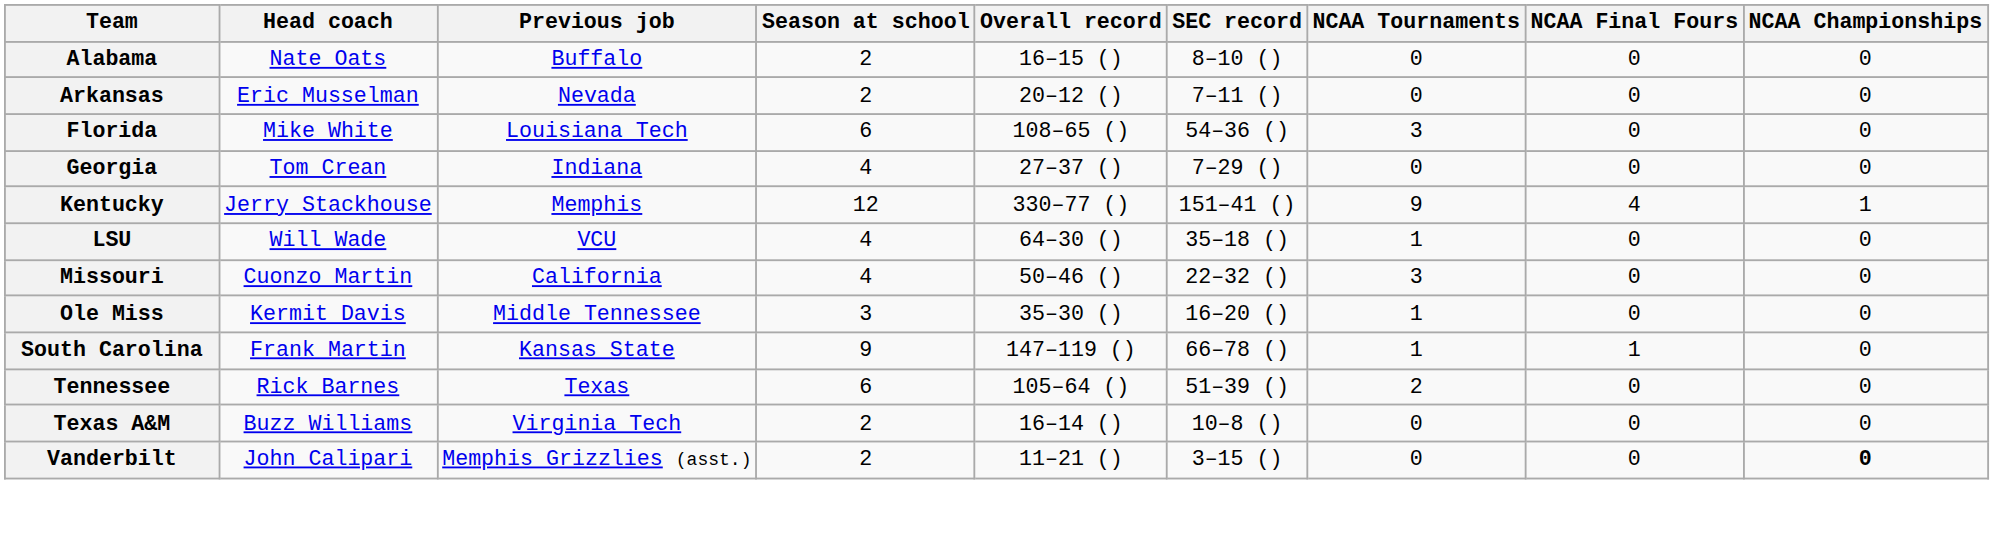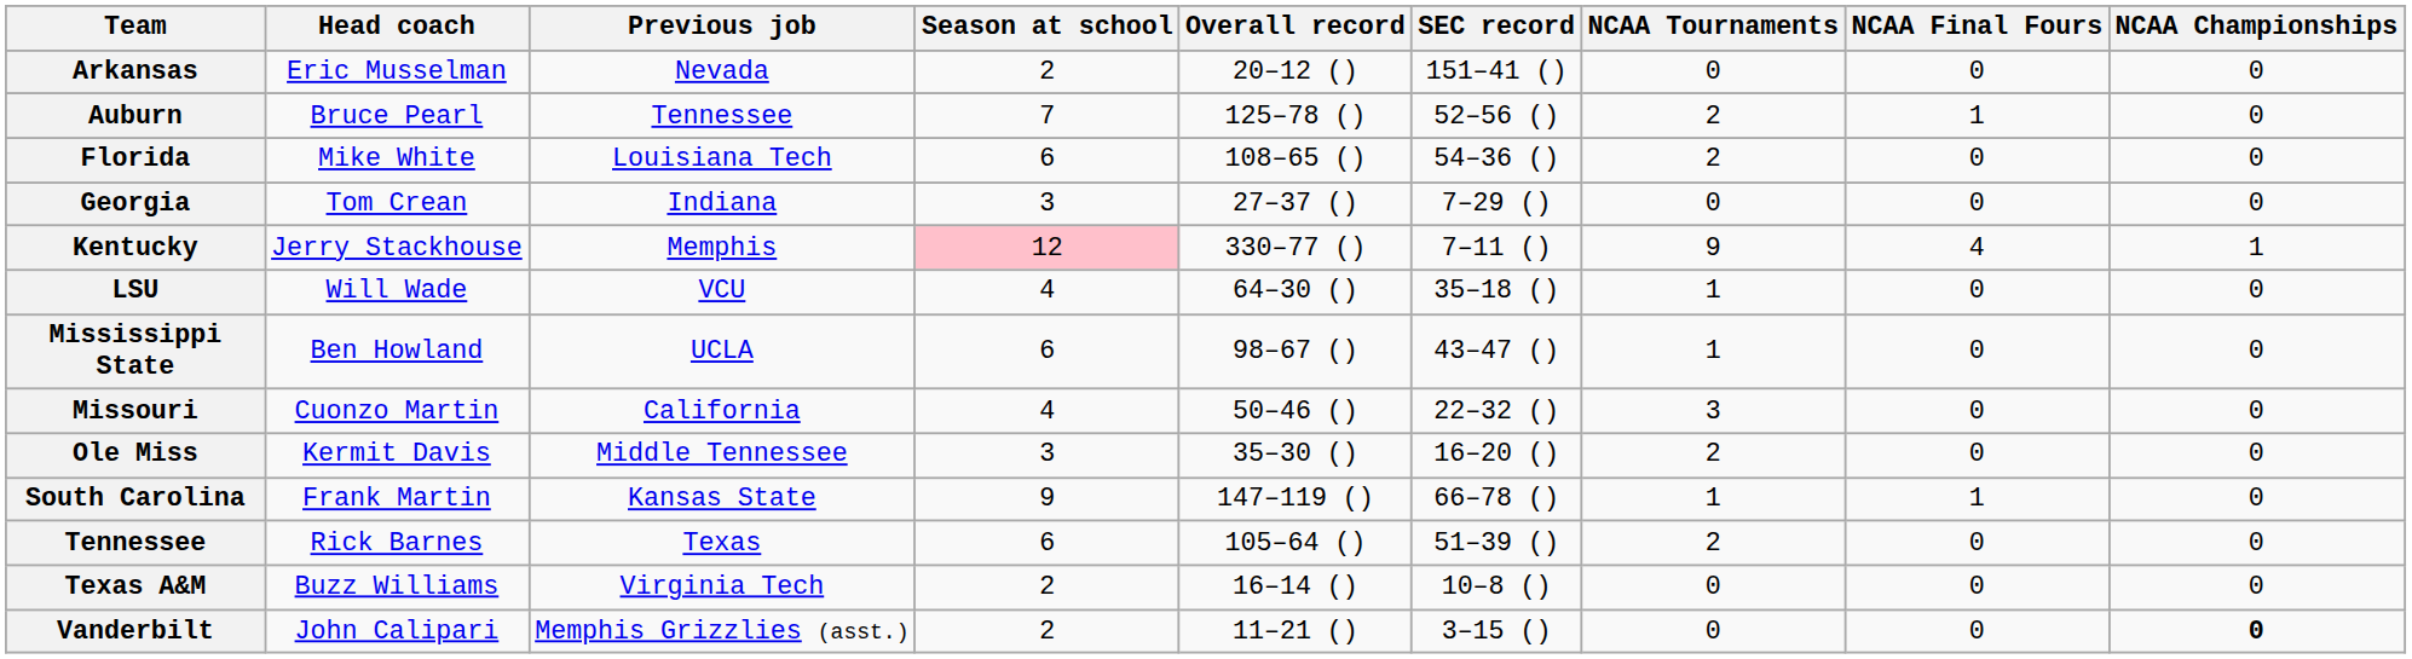 <table class="wikitable sortable" style="text-align: center;font-size:90%;">
 <tr>
 <th width="110">Team</th>
 <th>Head coach</th>
 <th>Previous job</th>
 <th>Season at school</th>
 <th>Overall record</th>
 <th>SEC record</th>
 <th>NCAA Tournaments</th>
 <th>NCAA Final Fours</th>
 <th>NCAA Championships</th>
 </tr>
 <tr>
-<th>Alabama</th>
-<td><a href='#'>Nate Oats</a></td>
-<td><a href='#'>Buffalo</a></td>
+<th>Arkansas</th>
+<td><a href='#'>Eric Musselman</a></td>
+<td><a href='#'>Nevada</a></td>
 <td>2</td>
-<td>16–15 ()</td>
-<td>8–10 ()</td>
+<td>20–12 ()</td>
+<td>151–41 ()</td>
 <td>0</td>
 <td>0</td>
 <td>0</td>
 </tr>
 <tr>
-<th>Arkansas</th>
-<td><a href='#'>Eric Musselman</a></td>
-<td><a href='#'>Nevada</a></td>
+<th>Auburn</th>
+<td><a href='#'>Bruce Pearl</a></td>
+<td><a href='#'>Tennessee</a></td>
+<td>7</td>
+<td>125–78 ()</td>
+<td>52–56 ()</td>
 <td>2</td>
-<td>20–12 ()</td>
-<td>7–11 ()</td>
-<td>0</td>
-<td>0</td>
+<td>1</td>
 <td>0</td>
 </tr>
 <tr>
 <th>Florida</th>
 <td><a href='#'>Mike White</a></td>
 <td><a href='#'>Louisiana Tech</a></td>
 <td>6</td>
 <td>108–65 ()</td>
 <td>54–36 ()</td>
-<td>3</td>
+<td>2</td>
 <td>0</td>
 <td>0</td>
 </tr>
 <tr>
 <th>Georgia</th>
 <td><a href='#'>Tom Crean</a></td>
 <td><a href='#'>Indiana</a></td>
-<td>4</td>
+<td>3</td>
 <td>27–37 ()</td>
 <td>7–29 ()</td>
 <td>0</td>
 <td>0</td>
 <td>0</td>
 </tr>
 <tr>
 <th>Kentucky</th>
 <td><a href='#'>Jerry Stackhouse</a></td>
 <td><a href='#'>Memphis</a></td>
-<td>12</td>
+<td style="background: pink;">12</td>
 <td>330–77 ()</td>
-<td>151–41 ()</td>
+<td>7–11 ()</td>
 <td>9</td>
 <td>4</td>
 <td>1</td>
 </tr>
 <tr>
 <th>LSU</th>
 <td><a href='#'>Will Wade</a></td>
 <td><a href='#'>VCU</a></td>
 <td>4</td>
 <td>64–30 ()</td>
 <td>35–18 ()</td>
+<td>1</td>
+<td>0</td>
+<td>0</td>
+</tr>
+<tr>
+<th>Mississippi State</th>
+<td><a href='#'>Ben Howland</a></td>
+<td><a href='#'>UCLA</a></td>
+<td>6</td>
+<td>98–67 ()</td>
+<td>43–47 ()</td>
 <td>1</td>
 <td>0</td>
 <td>0</td>
 </tr>
 <tr>
 <th>Missouri</th>
 <td><a href='#'>Cuonzo Martin</a></td>
 <td><a href='#'>California</a></td>
 <td>4</td>
 <td>50–46 ()</td>
 <td>22–32 ()</td>
 <td>3</td>
 <td>0</td>
 <td>0</td>
 </tr>
 <tr>
 <th>Ole Miss</th>
 <td><a href='#'>Kermit Davis</a></td>
 <td><a href='#'>Middle Tennessee</a></td>
 <td>3</td>
 <td>35–30 ()</td>
 <td>16–20 ()</td>
-<td>1</td>
+<td>2</td>
 <td>0</td>
 <td>0</td>
 </tr>
 <tr>
 <th>South Carolina</th>
 <td><a href='#'>Frank Martin</a></td>
 <td><a href='#'>Kansas State</a></td>
 <td>9</td>
 <td>147–119 ()</td>
 <td>66–78 ()</td>
 <td>1</td>
 <td>1</td>
 <td>0</td>
 </tr>
 <tr>
 <th>Tennessee</th>
 <td><a href='#'>Rick Barnes</a></td>
 <td><a href='#'>Texas</a></td>
 <td>6</td>
 <td>105–64 ()</td>
 <td>51–39 ()</td>
 <td>2</td>
 <td>0</td>
 <td>0</td>
 </tr>
 <tr>
 <th>Texas A&M</th>
 <td><a href='#'>Buzz Williams</a></td>
 <td><a href='#'>Virginia Tech</a></td>
 <td>2</td>
 <td>16–14 ()</td>
 <td>10–8 ()</td>
 <td>0</td>
 <td>0</td>
 <td>0</td>
 </tr>
 <tr>
 <th>Vanderbilt</th>
 <td><a href='#'>John Calipari</a></td>
 <td><a href='#'>Memphis Grizzlies</a> <small>(asst.)</small></td>
 <td>2</td>
 <td>11–21 ()</td>
 <td>3–15 ()</td>
 <td>0</td>
 <td>0</td>
 <td><strong>0</strong></td>
 </tr>
 </table>
